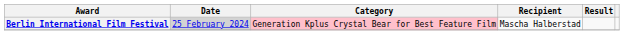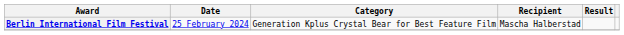 <table class="wikitable sortable plainrowheaders">
 <tr>
 <th>Award</th>
 <th>Date</th>
 <th>Category</th>
 <th>Recipient</th>
 <th>Result</th>
 <th></th>
 </tr>
 <tr>
 <th scope="row"><a href='#'>Berlin International Film Festival</a></th>
-<td style="background: lightgrey;"><a href='#'>25 February 2024</a></td>
-<td style="background: pink;">Generation Kplus Crystal Bear for Best Feature Film</td>
+<td><a href='#'>25 February 2024</a></td>
+<td>Generation Kplus Crystal Bear for Best Feature Film</td>
 <td>Mascha Halberstad</td>
 <td></td>
 <td align="center" rowspan="1"></td>
 </tr>
 <tr>
 </tr>
 </table>
